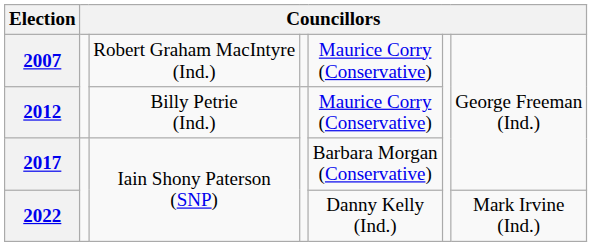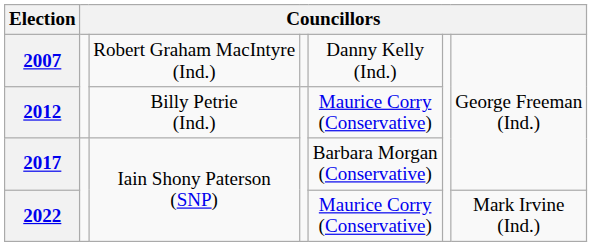 <table class="wikitable" style="text-align:center">
 <tr>
 <th>Election</th>
 <th colspan=8>Councillors</th>
 </tr>
 <tr>
 <th><a href='#'>2007</a></th>
 <td rowspan=2; style="background-color: "></td>
 <td rowspan=1>Robert Graham MacIntyre<br>(Ind.)</td>
 <td rowspan=1; style="background-color: "></td>
-<td rowspan=1><a href='#'>Maurice Corry</a><br>(<a href='#'>Conservative</a>)</td>
+<td rowspan=1>Danny Kelly<br>(Ind.)</td>
 <td rowspan=4; style="background-color: "></td>
 <td rowspan=3>George Freeman<br>(Ind.)</td>
 </tr>
 <tr>
 <th><a href='#'>2012</a></th>
 <td rowspan=1>Billy Petrie<br>(Ind.)</td>
 <td rowspan=3; style="background-color: "></td>
 <td rowspan=1><a href='#'>Maurice Corry</a><br>(<a href='#'>Conservative</a>)</td>
 </tr>
 <tr>
 <th><a href='#'>2017</a></th>
 <td rowspan=2; style="background-color: "></td>
 <td rowspan=2>Iain Shony Paterson<br>(<a href='#'>SNP</a>)</td>
 <td rowspan=1>Barbara Morgan<br>(<a href='#'>Conservative</a>)</td>
 </tr>
 <tr>
 <th><a href='#'>2022</a></th>
-<td rowspan=1>Danny Kelly<br>(Ind.)</td>
+<td rowspan=1><a href='#'>Maurice Corry</a><br>(<a href='#'>Conservative</a>)</td>
 <td rowspan=1>Mark Irvine<br>(Ind.)</td>
 </tr>
 </table>
